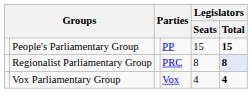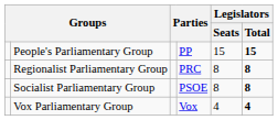 <table class="wikitable" style="text-align:left;">
 <tr>
 <th rowspan="2" colspan="2" width="100">Groups</th>
 <th rowspan="2" colspan="2">Parties</th>
 <th colspan="2">Legislators</th>
 </tr>
 <tr>
 <th>Seats</th>
 <th>Total</th>
 </tr>
 <tr>
 <td width="1" style="color:inherit;background:"></td>
 <td>People's Parliamentary Group</td>
 <td width="1" style="color:inherit;background:"></td>
 <td align="left"><a href='#'>PP</a></td>
 <td>15</td>
 <td><strong>15</strong></td>
 </tr>
 <tr>
 <td style="color:inherit;background:"></td>
 <td>Regionalist Parliamentary Group</td>
 <td style="color:inherit;background:"></td>
 <td align="left"><a href='#'>PRC</a></td>
 <td>8</td>
-<td style="background: lavender;"><strong>8</strong></td>
+<td><strong>8</strong></td>
+</tr>
+<tr>
+<td style="color:inherit;background:"></td>
+<td>Socialist Parliamentary Group</td>
+<td style="color:inherit;background:"></td>
+<td align="left"><a href='#'>PSOE</a></td>
+<td>8</td>
+<td><strong>8</strong></td>
 </tr>
 <tr>
 <td style="color:inherit;background:"></td>
 <td>Vox Parliamentary Group</td>
 <td style="color:inherit;background:"></td>
 <td align="left"><a href='#'>Vox</a></td>
 <td>4</td>
 <td><strong>4</strong></td>
 </tr>
 </table>
